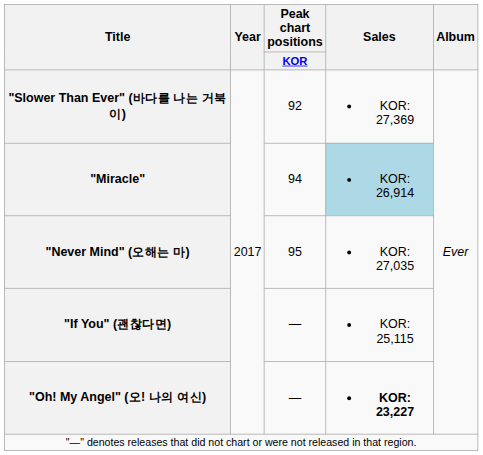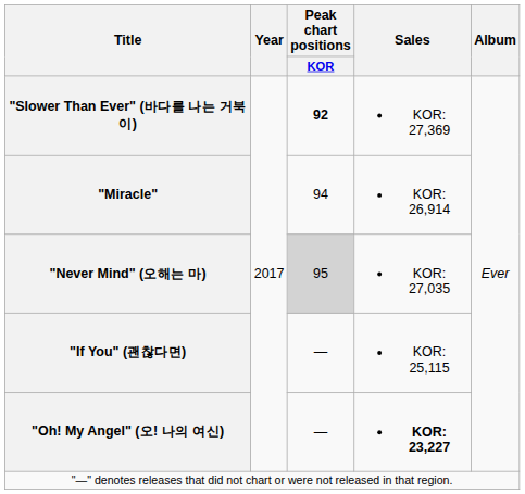 <table class="wikitable plainrowheaders" style="text-align:center;">
 <tr>
 <th scope="col" rowspan="2">Title</th>
 <th scope="col" rowspan="2">Year</th>
 <th scope="col">Peak<br>chart<br>positions</th>
 <th scope="col" rowspan="2">Sales</th>
 <th scope="col" rowspan="2">Album</th>
 </tr>
 <tr>
 <th scope="col" style="width:3.5em;font-size:90%;"><a href='#'>KOR</a><br></th>
 </tr>
 <tr>
 <th scope="row">"Slower Than Ever" (바다를 나는 거북이)</th>
 <td rowspan="5">2017</td>
-<td>92</td>
+<td><strong>92</strong></td>
 <td><br><ul><li>KOR: 27,369</li></ul></td>
 <td rowspan="5"><em>Ever</em></td>
 </tr>
 <tr>
 <th scope="row">"Miracle"</th>
 <td>94</td>
-<td style="background: lightblue;"><br><ul><li>KOR: 26,914</li></ul></td>
+<td><br><ul><li>KOR: 26,914</li></ul></td>
 </tr>
 <tr>
 <th scope="row">"Never Mind" (오해는 마)</th>
-<td>95</td>
+<td style="background: lightgrey;">95</td>
 <td><br><ul><li>KOR: 27,035</li></ul></td>
 </tr>
 <tr>
 <th scope="row">"If You" (괜찮다면)<br></th>
 <td>—</td>
 <td><br><ul><li>KOR: 25,115</li></ul></td>
 </tr>
 <tr>
 <th scope="row">"Oh! My Angel" (오! 나의 여신)<br></th>
 <td>—</td>
 <td><strong><br><ul><li>KOR: 23,227</li></ul></strong></td>
 </tr>
 <tr>
 <td colspan="5" style="font-size:85%">"—" denotes releases that did not chart or were not released in that region.</td>
 </tr>
 </table>
